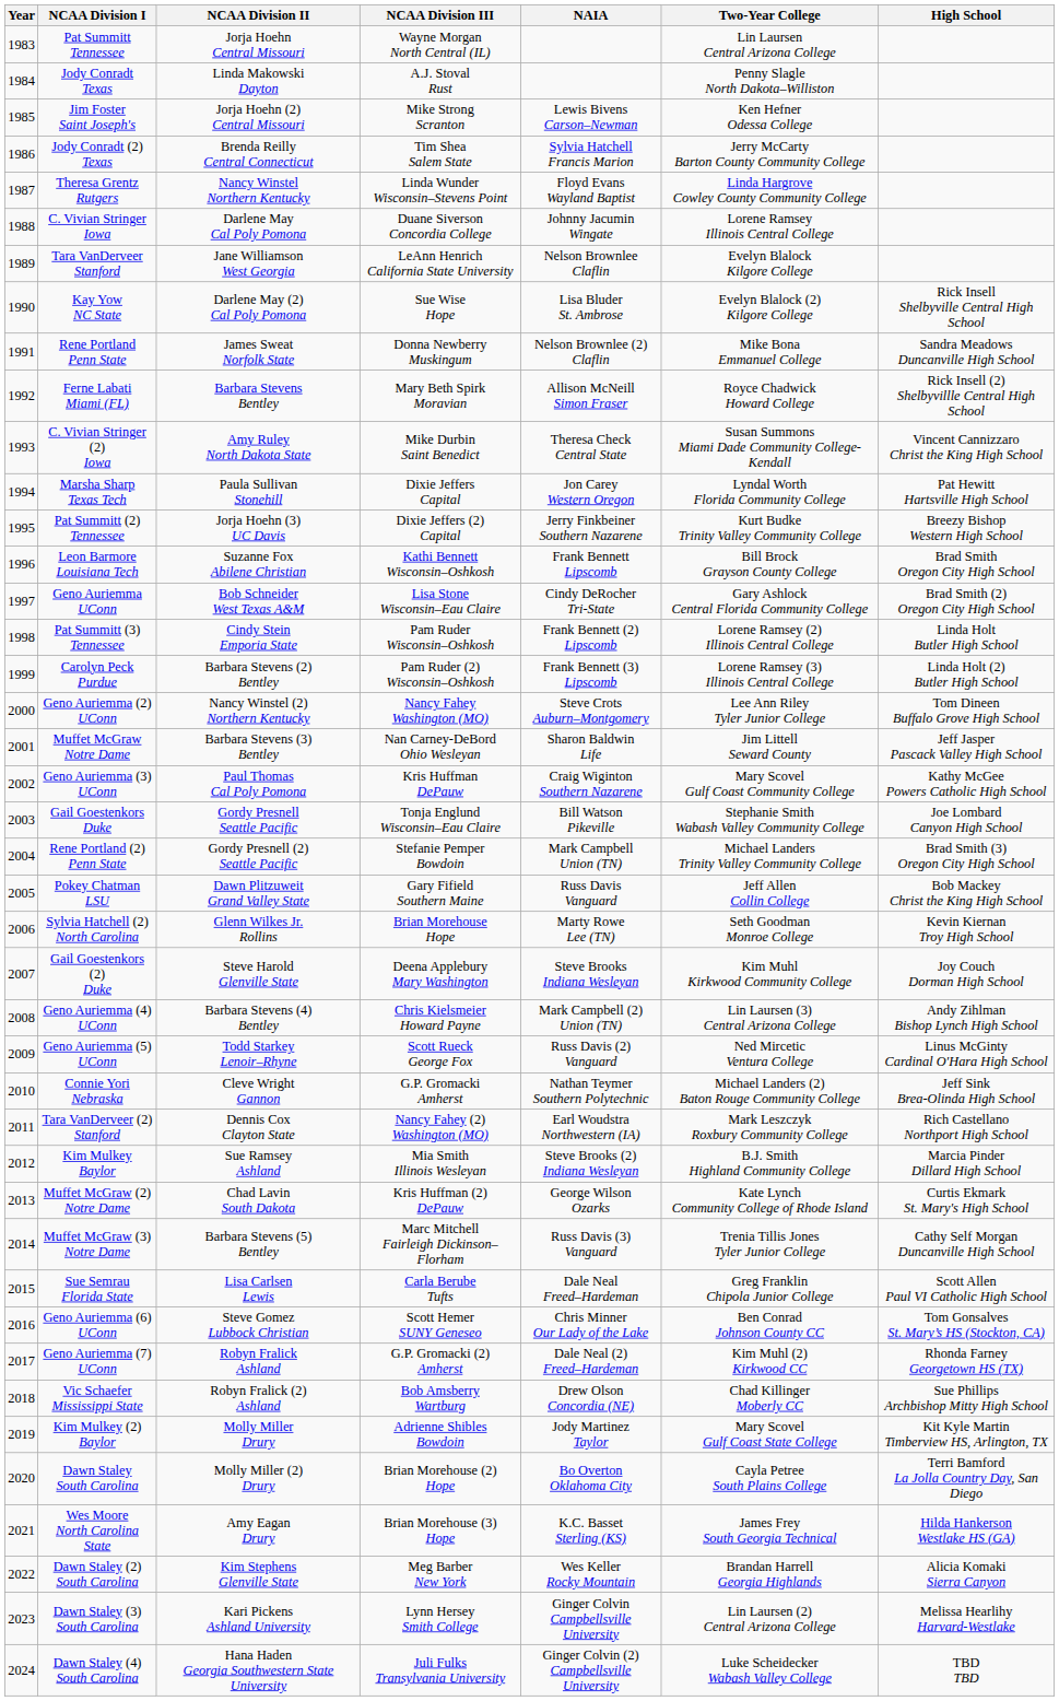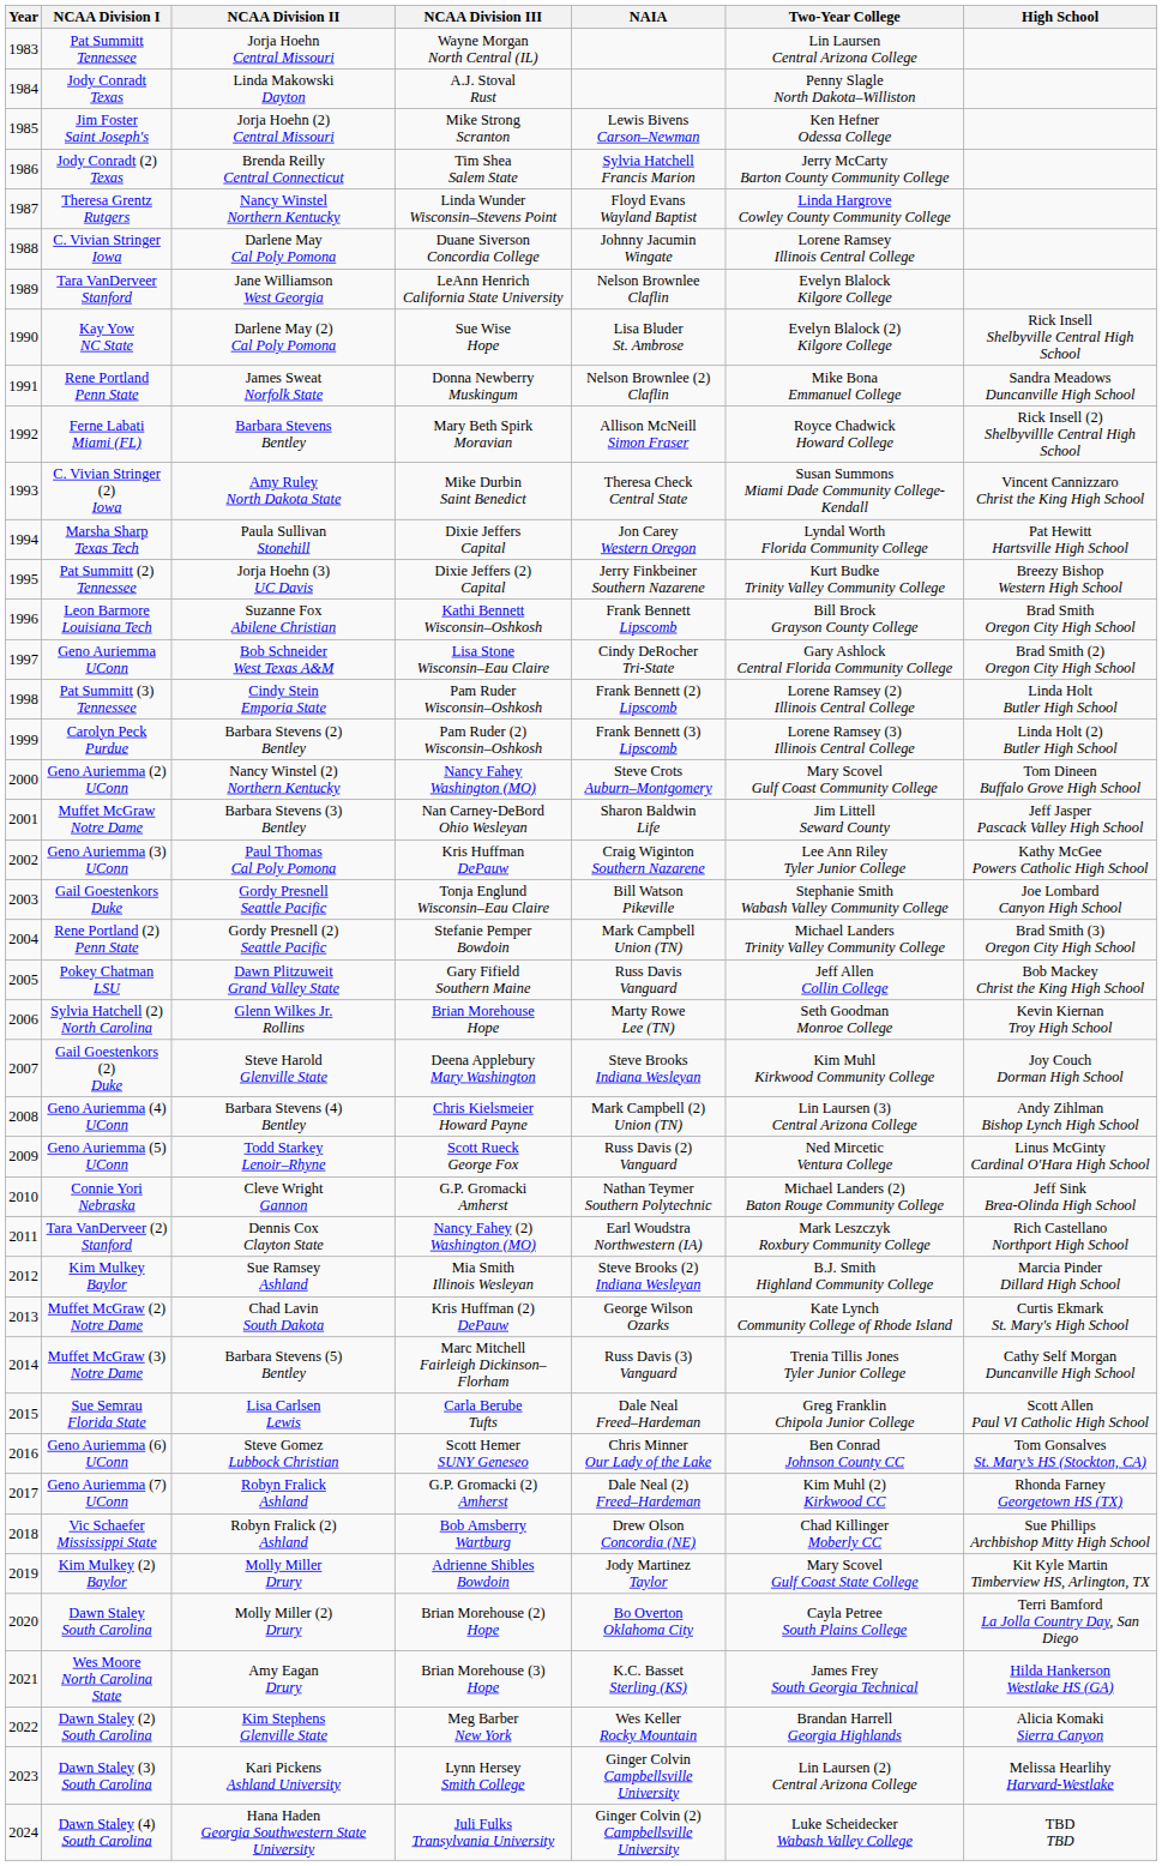 <table class="wikitable sortable" style="text-align:center;">
 <tr>
 <th>Year</th>
 <th>NCAA Division I</th>
 <th>NCAA Division II</th>
 <th>NCAA Division III</th>
 <th>NAIA</th>
 <th>Two-Year College</th>
 <th>High School</th>
 </tr>
 <tr>
 <td>1983</td>
 <td><a href='#'>Pat Summitt</a><br><em><a href='#'>Tennessee</a></em></td>
 <td>Jorja Hoehn<br><em><a href='#'>Central Missouri</a></em></td>
 <td>Wayne Morgan<br><em>North Central (IL)</em></td>
 <td></td>
 <td>Lin Laursen<br><em>Central Arizona College</em></td>
 <td></td>
 </tr>
 <tr>
 <td>1984</td>
 <td><a href='#'>Jody Conradt</a><br><em><a href='#'>Texas</a></em></td>
 <td>Linda Makowski<br><em><a href='#'>Dayton</a></em></td>
 <td>A.J. Stoval<br><em>Rust</em></td>
 <td></td>
 <td>Penny Slagle<br><em>North Dakota–Williston</em></td>
 <td></td>
 </tr>
 <tr>
 <td>1985</td>
 <td><a href='#'>Jim Foster</a><br><em><a href='#'>Saint Joseph's</a></em></td>
 <td>Jorja Hoehn (2)<br><em><a href='#'>Central Missouri</a></em></td>
 <td>Mike Strong<br><em>Scranton</em></td>
 <td>Lewis Bivens<br><em><a href='#'>Carson–Newman</a></em></td>
 <td>Ken Hefner<br><em>Odessa College</em></td>
 <td></td>
 </tr>
 <tr>
 <td>1986</td>
 <td><a href='#'>Jody Conradt</a> (2)<br><em><a href='#'>Texas</a></em></td>
 <td>Brenda Reilly<br><em><a href='#'>Central Connecticut</a></em></td>
 <td>Tim Shea<br><em>Salem State</em></td>
 <td><a href='#'>Sylvia Hatchell</a><br><em>Francis Marion</em></td>
 <td>Jerry McCarty<br><em>Barton County Community College</em></td>
 <td></td>
 </tr>
 <tr>
 <td>1987</td>
 <td><a href='#'>Theresa Grentz</a><br><em><a href='#'>Rutgers</a></em></td>
 <td><a href='#'>Nancy Winstel</a><br><em><a href='#'>Northern Kentucky</a></em></td>
 <td>Linda Wunder<br><em>Wisconsin–Stevens Point</em></td>
 <td>Floyd Evans<br><em>Wayland Baptist</em></td>
 <td><a href='#'>Linda Hargrove</a><br><em>Cowley County Community College</em></td>
 <td></td>
 </tr>
 <tr>
 <td>1988</td>
 <td><a href='#'>C. Vivian Stringer</a><br><em><a href='#'>Iowa</a></em></td>
 <td>Darlene May<br><em><a href='#'>Cal Poly Pomona</a></em></td>
 <td>Duane Siverson<br><em>Concordia College</em></td>
 <td>Johnny Jacumin<br><em>Wingate</em></td>
 <td>Lorene Ramsey<br><em>Illinois Central College</em></td>
 <td></td>
 </tr>
 <tr>
 <td>1989</td>
 <td><a href='#'>Tara VanDerveer</a><br><em><a href='#'>Stanford</a></em></td>
 <td>Jane Williamson<br><em><a href='#'>West Georgia</a></em></td>
 <td>LeAnn Henrich<br><em>California State University</em></td>
 <td>Nelson Brownlee<br><em>Claflin</em></td>
 <td>Evelyn Blalock<br><em>Kilgore College</em></td>
 <td></td>
 </tr>
 <tr>
 <td>1990</td>
 <td><a href='#'>Kay Yow</a><br><em><a href='#'>NC State</a></em></td>
 <td>Darlene May (2)<br><em><a href='#'>Cal Poly Pomona</a></em></td>
 <td>Sue Wise<br><em>Hope</em></td>
 <td>Lisa Bluder<br><em>St. Ambrose</em></td>
 <td>Evelyn Blalock (2)<br><em>Kilgore College</em></td>
 <td>Rick Insell<br><em>Shelbyville Central High School</em></td>
 </tr>
 <tr>
 <td>1991</td>
 <td><a href='#'>Rene Portland</a><br><em><a href='#'>Penn State</a></em></td>
 <td>James Sweat<br><em><a href='#'>Norfolk State</a></em></td>
 <td>Donna Newberry<br><em>Muskingum</em></td>
 <td>Nelson Brownlee (2)<br><em>Claflin</em></td>
 <td>Mike Bona<br><em>Emmanuel College</em></td>
 <td>Sandra Meadows<br><em>Duncanville High School</em></td>
 </tr>
 <tr>
 <td>1992</td>
 <td><a href='#'>Ferne Labati</a><br><em><a href='#'>Miami (FL)</a></em></td>
 <td><a href='#'>Barbara Stevens</a><br><em>Bentley</em></td>
 <td>Mary Beth Spirk<br><em>Moravian</em></td>
 <td>Allison McNeill<br><em><a href='#'>Simon Fraser</a></em></td>
 <td>Royce Chadwick<br><em>Howard College</em></td>
 <td>Rick Insell (2)<br><em>Shelbyvillle Central High School</em></td>
 </tr>
 <tr>
 <td>1993</td>
 <td><a href='#'>C. Vivian Stringer</a> (2)<br><em><a href='#'>Iowa</a></em></td>
 <td><a href='#'>Amy Ruley</a><br><em><a href='#'>North Dakota State</a></em></td>
 <td>Mike Durbin<br><em>Saint Benedict</em></td>
 <td>Theresa Check<br><em>Central State</em></td>
 <td>Susan Summons<br><em>Miami Dade Community College-Kendall</em></td>
 <td>Vincent Cannizzaro<br><em>Christ the King High School</em></td>
 </tr>
 <tr>
 <td>1994</td>
 <td><a href='#'>Marsha Sharp</a><br><em><a href='#'>Texas Tech</a></em></td>
 <td>Paula Sullivan<br><em><a href='#'>Stonehill</a></em></td>
 <td>Dixie Jeffers<br><em>Capital</em></td>
 <td>Jon Carey<br><em><a href='#'>Western Oregon</a></em></td>
 <td>Lyndal Worth<br><em>Florida Community College</em></td>
 <td>Pat Hewitt<br><em>Hartsville High School</em></td>
 </tr>
 <tr>
 <td>1995</td>
 <td><a href='#'>Pat Summitt</a> (2)<br><em><a href='#'>Tennessee</a></em></td>
 <td>Jorja Hoehn (3)<br><em><a href='#'>UC Davis</a></em></td>
 <td>Dixie Jeffers (2)<br><em>Capital</em></td>
 <td>Jerry Finkbeiner<br><em>Southern Nazarene</em></td>
 <td>Kurt Budke<br><em>Trinity Valley Community College</em></td>
 <td>Breezy Bishop<br><em>Western High School</em></td>
 </tr>
 <tr>
 <td>1996</td>
 <td><a href='#'>Leon Barmore</a><br><em><a href='#'>Louisiana Tech</a></em></td>
 <td>Suzanne Fox<br><em><a href='#'>Abilene Christian</a></em></td>
 <td><a href='#'>Kathi Bennett</a><br><em>Wisconsin–Oshkosh</em></td>
 <td>Frank Bennett<br><em><a href='#'>Lipscomb</a></em></td>
 <td>Bill Brock<br><em>Grayson County College</em></td>
 <td>Brad Smith<br><em>Oregon City High School</em></td>
 </tr>
 <tr>
 <td>1997</td>
 <td><a href='#'>Geno Auriemma</a><br><em><a href='#'>UConn</a></em></td>
 <td><a href='#'>Bob Schneider</a><br><em><a href='#'>West Texas A&M</a></em></td>
 <td><a href='#'>Lisa Stone</a><br><em>Wisconsin–Eau Claire</em></td>
 <td>Cindy DeRocher<br><em>Tri-State</em></td>
 <td>Gary Ashlock<br><em>Central Florida Community College</em></td>
 <td>Brad Smith (2)<br><em>Oregon City High School</em></td>
 </tr>
 <tr>
 <td>1998</td>
 <td><a href='#'>Pat Summitt</a> (3)<br><em><a href='#'>Tennessee</a></em></td>
 <td><a href='#'>Cindy Stein</a><br><em><a href='#'>Emporia State</a></em></td>
 <td>Pam Ruder<br><em>Wisconsin–Oshkosh</em></td>
 <td>Frank Bennett (2)<br><em><a href='#'>Lipscomb</a></em></td>
 <td>Lorene Ramsey (2)<br><em>Illinois Central College</em></td>
 <td>Linda Holt<br><em>Butler High School</em></td>
 </tr>
 <tr>
 <td>1999</td>
 <td><a href='#'>Carolyn Peck</a><br><em><a href='#'>Purdue</a></em></td>
 <td>Barbara Stevens (2)<br><em>Bentley</em></td>
 <td>Pam Ruder (2)<br><em>Wisconsin–Oshkosh</em></td>
 <td>Frank Bennett (3)<br><em><a href='#'>Lipscomb</a></em></td>
 <td>Lorene Ramsey (3)<br><em>Illinois Central College</em></td>
 <td>Linda Holt (2)<br><em>Butler High School</em></td>
 </tr>
 <tr>
 <td>2000</td>
 <td><a href='#'>Geno Auriemma</a> (2)<br><em><a href='#'>UConn</a></em></td>
 <td>Nancy Winstel (2)<br><em><a href='#'>Northern Kentucky</a></em></td>
 <td><a href='#'>Nancy Fahey</a><br><em><a href='#'>Washington (MO)</a></em></td>
 <td>Steve Crots<br><em><a href='#'>Auburn–Montgomery</a></em></td>
-<td>Lee Ann Riley<br><em>Tyler Junior College</em></td>
+<td>Mary Scovel<br><em>Gulf Coast Community College</em></td>
 <td>Tom Dineen<br><em>Buffalo Grove High School</em></td>
 </tr>
 <tr>
 <td>2001</td>
 <td><a href='#'>Muffet McGraw</a><br><em><a href='#'>Notre Dame</a></em></td>
 <td>Barbara Stevens (3)<br><em>Bentley</em></td>
 <td>Nan Carney-DeBord<br><em>Ohio Wesleyan</em></td>
 <td>Sharon Baldwin<br><em>Life</em></td>
 <td>Jim Littell<br><em>Seward County</em></td>
 <td>Jeff Jasper<br><em>Pascack Valley High School</em></td>
 </tr>
 <tr>
 <td>2002</td>
 <td><a href='#'>Geno Auriemma</a> (3)<br><em><a href='#'>UConn</a></em></td>
 <td><a href='#'>Paul Thomas</a><br><em><a href='#'>Cal Poly Pomona</a></em></td>
 <td>Kris Huffman<br><em><a href='#'>DePauw</a></em></td>
 <td>Craig Wiginton<br><em><a href='#'>Southern Nazarene</a></em></td>
-<td>Mary Scovel<br><em>Gulf Coast Community College</em></td>
+<td>Lee Ann Riley<br><em>Tyler Junior College</em></td>
 <td>Kathy McGee<br><em>Powers Catholic High School</em></td>
 </tr>
 <tr>
 <td>2003</td>
 <td><a href='#'>Gail Goestenkors</a><br><em><a href='#'>Duke</a></em></td>
 <td><a href='#'>Gordy Presnell</a><br><em><a href='#'>Seattle Pacific</a></em></td>
 <td>Tonja Englund<br><em>Wisconsin–Eau Claire</em></td>
 <td>Bill Watson<br><em>Pikeville</em></td>
 <td>Stephanie Smith<br><em>Wabash Valley Community College</em></td>
 <td>Joe Lombard<br><em>Canyon High School</em></td>
 </tr>
 <tr>
 <td>2004</td>
 <td><a href='#'>Rene Portland</a> (2)<br><em><a href='#'>Penn State</a></em></td>
 <td>Gordy Presnell (2)<br><em><a href='#'>Seattle Pacific</a></em></td>
 <td>Stefanie Pemper<br><em>Bowdoin</em></td>
 <td>Mark Campbell<br><em>Union (TN)</em></td>
 <td>Michael Landers<br><em>Trinity Valley Community College</em></td>
 <td>Brad Smith (3)<br><em>Oregon City High School</em></td>
 </tr>
 <tr>
 <td>2005</td>
 <td><a href='#'>Pokey Chatman</a><br><em><a href='#'>LSU</a></em></td>
 <td><a href='#'>Dawn Plitzuweit</a><br><em><a href='#'>Grand Valley State</a></em></td>
 <td>Gary Fifield<br><em>Southern Maine</em></td>
 <td>Russ Davis<br><em>Vanguard</em></td>
 <td>Jeff Allen<br><em><a href='#'>Collin College</a></em></td>
 <td>Bob Mackey<br><em>Christ the King High School</em></td>
 </tr>
 <tr>
 <td>2006</td>
 <td><a href='#'>Sylvia Hatchell</a> (2)<br><em><a href='#'>North Carolina</a></em></td>
 <td><a href='#'>Glenn Wilkes Jr.</a><br><em>Rollins</em></td>
 <td><a href='#'>Brian Morehouse</a><br><em>Hope</em></td>
 <td>Marty Rowe<br><em>Lee (TN)</em></td>
 <td>Seth Goodman<br><em>Monroe College</em></td>
 <td>Kevin Kiernan<br><em>Troy High School</em></td>
 </tr>
 <tr>
 <td>2007</td>
 <td><a href='#'>Gail Goestenkors</a> (2)<br><em><a href='#'>Duke</a></em></td>
 <td>Steve Harold<br><em><a href='#'>Glenville State</a></em></td>
 <td>Deena Applebury<br><em><a href='#'>Mary Washington</a></em></td>
 <td>Steve Brooks<br><em><a href='#'>Indiana Wesleyan</a></em></td>
 <td>Kim Muhl<br><em>Kirkwood Community College</em></td>
 <td>Joy Couch<br><em>Dorman High School</em></td>
 </tr>
 <tr>
 <td>2008</td>
 <td><a href='#'>Geno Auriemma</a> (4)<br><em><a href='#'>UConn</a></em></td>
 <td>Barbara Stevens (4)<br><em>Bentley</em></td>
 <td><a href='#'>Chris Kielsmeier</a><br><em>Howard Payne</em></td>
 <td>Mark Campbell (2)<br><em>Union (TN)</em></td>
 <td>Lin Laursen (3)<br><em>Central Arizona College</em></td>
 <td>Andy Zihlman<br><em>Bishop Lynch High School</em></td>
 </tr>
 <tr>
 <td>2009</td>
 <td><a href='#'>Geno Auriemma</a> (5)<br><em><a href='#'>UConn</a></em></td>
 <td><a href='#'>Todd Starkey</a><br><em><a href='#'>Lenoir–Rhyne</a></em></td>
 <td><a href='#'>Scott Rueck</a><br><em>George Fox</em></td>
 <td>Russ Davis (2)<br><em>Vanguard</em></td>
 <td>Ned Mircetic<br><em>Ventura College</em></td>
 <td>Linus McGinty<br><em>Cardinal O'Hara High School</em></td>
 </tr>
 <tr>
 <td>2010</td>
 <td><a href='#'>Connie Yori</a><br><em><a href='#'>Nebraska</a></em></td>
 <td>Cleve Wright<br><em><a href='#'>Gannon</a></em></td>
 <td>G.P. Gromacki<br><em>Amherst</em></td>
 <td>Nathan Teymer<br><em>Southern Polytechnic</em></td>
 <td>Michael Landers (2)<br><em>Baton Rouge Community College</em></td>
 <td>Jeff Sink<br><em>Brea-Olinda High School</em></td>
 </tr>
 <tr>
 <td>2011</td>
 <td><a href='#'>Tara VanDerveer</a> (2)<br><em><a href='#'>Stanford</a></em></td>
 <td>Dennis Cox<br><em>Clayton State</em></td>
 <td><a href='#'>Nancy Fahey</a> (2)<br><em><a href='#'>Washington (MO)</a></em></td>
 <td>Earl Woudstra<br><em>Northwestern (IA)</em></td>
 <td>Mark Leszczyk<br><em>Roxbury Community College</em></td>
 <td>Rich Castellano<br><em>Northport High School</em></td>
 </tr>
 <tr>
 <td>2012</td>
 <td><a href='#'>Kim Mulkey</a><br><em><a href='#'>Baylor</a></em></td>
 <td>Sue Ramsey<br><em><a href='#'>Ashland</a></em></td>
 <td>Mia Smith<br><em>Illinois Wesleyan</em></td>
 <td>Steve Brooks (2)<br><em><a href='#'>Indiana Wesleyan</a></em></td>
 <td>B.J. Smith<br><em>Highland Community College</em></td>
 <td>Marcia Pinder<br><em>Dillard High School</em></td>
 </tr>
 <tr>
 <td>2013</td>
 <td><a href='#'>Muffet McGraw</a> (2)<br><em><a href='#'>Notre Dame</a></em></td>
 <td>Chad Lavin<br><em><a href='#'>South Dakota</a></em></td>
 <td>Kris Huffman (2)<br><em><a href='#'>DePauw</a></em></td>
 <td>George Wilson<br><em>Ozarks</em></td>
 <td>Kate Lynch<br><em>Community College of Rhode Island</em></td>
 <td>Curtis Ekmark<br><em>St. Mary's High School</em></td>
 </tr>
 <tr>
 <td>2014</td>
 <td><a href='#'>Muffet McGraw</a> (3)<br><em><a href='#'>Notre Dame</a></em></td>
 <td>Barbara Stevens (5)<br><em>Bentley</em></td>
 <td>Marc Mitchell<br><em>Fairleigh Dickinson–Florham</em></td>
 <td>Russ Davis (3)<br><em>Vanguard</em></td>
 <td>Trenia Tillis Jones<br><em>Tyler Junior College</em></td>
 <td>Cathy Self Morgan<br><em>Duncanville High School</em></td>
 </tr>
 <tr>
 <td>2015</td>
 <td><a href='#'>Sue Semrau</a><br><em><a href='#'>Florida State</a></em></td>
 <td><a href='#'>Lisa Carlsen</a><br><em><a href='#'>Lewis</a></em></td>
 <td><a href='#'>Carla Berube</a><br><em>Tufts</em></td>
 <td>Dale Neal<br><em>Freed–Hardeman</em></td>
 <td>Greg Franklin<br><em>Chipola Junior College</em></td>
 <td>Scott Allen<br><em>Paul VI Catholic High School</em></td>
 </tr>
 <tr>
 <td>2016</td>
 <td><a href='#'>Geno Auriemma</a> (6)<br><em><a href='#'>UConn</a></em></td>
 <td>Steve Gomez<br><em><a href='#'>Lubbock Christian</a></em></td>
 <td>Scott Hemer<br><em><a href='#'>SUNY Geneseo</a></em></td>
 <td>Chris Minner<br><em><a href='#'>Our Lady of the Lake</a></em></td>
 <td>Ben Conrad<br><em><a href='#'>Johnson County CC</a></em></td>
 <td>Tom Gonsalves<br><em><a href='#'>St. Mary’s HS (Stockton, CA)</a></em></td>
 </tr>
 <tr>
 <td>2017</td>
 <td><a href='#'>Geno Auriemma</a> (7)<br><em><a href='#'>UConn</a></em></td>
 <td><a href='#'>Robyn Fralick</a><br><em><a href='#'>Ashland</a></em></td>
 <td>G.P. Gromacki (2)<br><em><a href='#'>Amherst</a></em></td>
 <td>Dale Neal (2)<br><em><a href='#'>Freed–Hardeman</a></em></td>
 <td>Kim Muhl (2)<br><em><a href='#'>Kirkwood CC</a></em></td>
 <td>Rhonda Farney<br><em><a href='#'>Georgetown HS (TX)</a></em></td>
 </tr>
 <tr>
 <td>2018</td>
 <td><a href='#'>Vic Schaefer</a><br><em><a href='#'>Mississippi State</a></em></td>
 <td>Robyn Fralick (2)<br><em><a href='#'>Ashland</a></em></td>
 <td><a href='#'>Bob Amsberry</a><br><em><a href='#'>Wartburg</a></em></td>
 <td>Drew Olson<br><em><a href='#'>Concordia (NE)</a></em></td>
 <td>Chad Killinger<br><em><a href='#'>Moberly CC</a></em></td>
 <td>Sue Phillips<br><em>Archbishop Mitty High School</em></td>
 </tr>
 <tr>
 <td>2019</td>
 <td><a href='#'>Kim Mulkey</a> (2)<br><em><a href='#'>Baylor</a></em></td>
 <td><a href='#'>Molly Miller</a><br><em><a href='#'>Drury</a></em></td>
 <td><a href='#'>Adrienne Shibles</a><br><em><a href='#'>Bowdoin</a></em></td>
 <td>Jody Martinez<br><em><a href='#'>Taylor</a></em></td>
 <td>Mary Scovel<br><em><a href='#'>Gulf Coast State College</a></em></td>
 <td>Kit Kyle Martin<br><em>Timberview HS, Arlington, TX</em></td>
 </tr>
 <tr>
 <td>2020</td>
 <td><a href='#'>Dawn Staley</a><br><em><a href='#'>South Carolina</a></em></td>
 <td>Molly Miller (2)<br><em><a href='#'>Drury</a></em></td>
 <td>Brian Morehouse (2)<br><em><a href='#'>Hope</a></em></td>
 <td><a href='#'>Bo Overton</a><br><em><a href='#'>Oklahoma City</a></em></td>
 <td>Cayla Petree<br><em><a href='#'>South Plains College</a></em></td>
 <td>Terri Bamford<br><em><a href='#'>La Jolla Country Day</a>, San Diego</em></td>
 </tr>
 <tr>
 <td>2021</td>
 <td><a href='#'>Wes Moore</a><br><em><a href='#'>North Carolina State</a></em></td>
 <td>Amy Eagan<br><em><a href='#'>Drury</a></em></td>
 <td>Brian Morehouse (3)<br><em><a href='#'>Hope</a></em></td>
 <td>K.C. Basset<br><em><a href='#'>Sterling (KS)</a></em></td>
 <td>James Frey<br><em><a href='#'>South Georgia Technical</a></em></td>
 <td><a href='#'>Hilda Hankerson</a><br><em><a href='#'>Westlake HS (GA)</a></em></td>
 </tr>
 <tr>
 <td>2022</td>
 <td><a href='#'>Dawn Staley</a> (2)<br><em><a href='#'>South Carolina</a></em></td>
 <td><a href='#'>Kim Stephens</a><br><em><a href='#'>Glenville State</a></em></td>
 <td>Meg Barber<br><em><a href='#'>New York</a></em></td>
 <td>Wes Keller<br><em><a href='#'>Rocky Mountain</a></em></td>
 <td>Brandan Harrell<br><em><a href='#'>Georgia Highlands</a></em></td>
 <td>Alicia Komaki<br><em><a href='#'>Sierra Canyon</a></em></td>
 </tr>
 <tr>
 <td>2023</td>
 <td><a href='#'>Dawn Staley</a> (3)<br><em><a href='#'>South Carolina</a></em></td>
 <td>Kari Pickens<br><em><a href='#'>Ashland University</a></em></td>
 <td>Lynn Hersey<br><em><a href='#'>Smith College</a></em></td>
 <td>Ginger Colvin<br><em><a href='#'>Campbellsville University</a></em></td>
 <td>Lin Laursen (2)<br><em>Central Arizona College</em></td>
 <td>Melissa Hearlihy<br><em><a href='#'>Harvard-Westlake</a></em></td>
 </tr>
 <tr>
 <td>2024</td>
 <td><a href='#'>Dawn Staley</a> (4)<br><em><a href='#'>South Carolina</a></em></td>
 <td>Hana Haden<br><em><a href='#'>Georgia Southwestern State University</a></em></td>
 <td><a href='#'>Juli Fulks</a><br><em><a href='#'>Transylvania University</a></em></td>
 <td>Ginger Colvin (2)<br><em><a href='#'>Campbellsville University</a></em></td>
 <td>Luke Scheidecker<br><em><a href='#'>Wabash Valley College</a></em></td>
 <td>TBD<br><em>TBD</em></td>
 </tr>
 </table>
